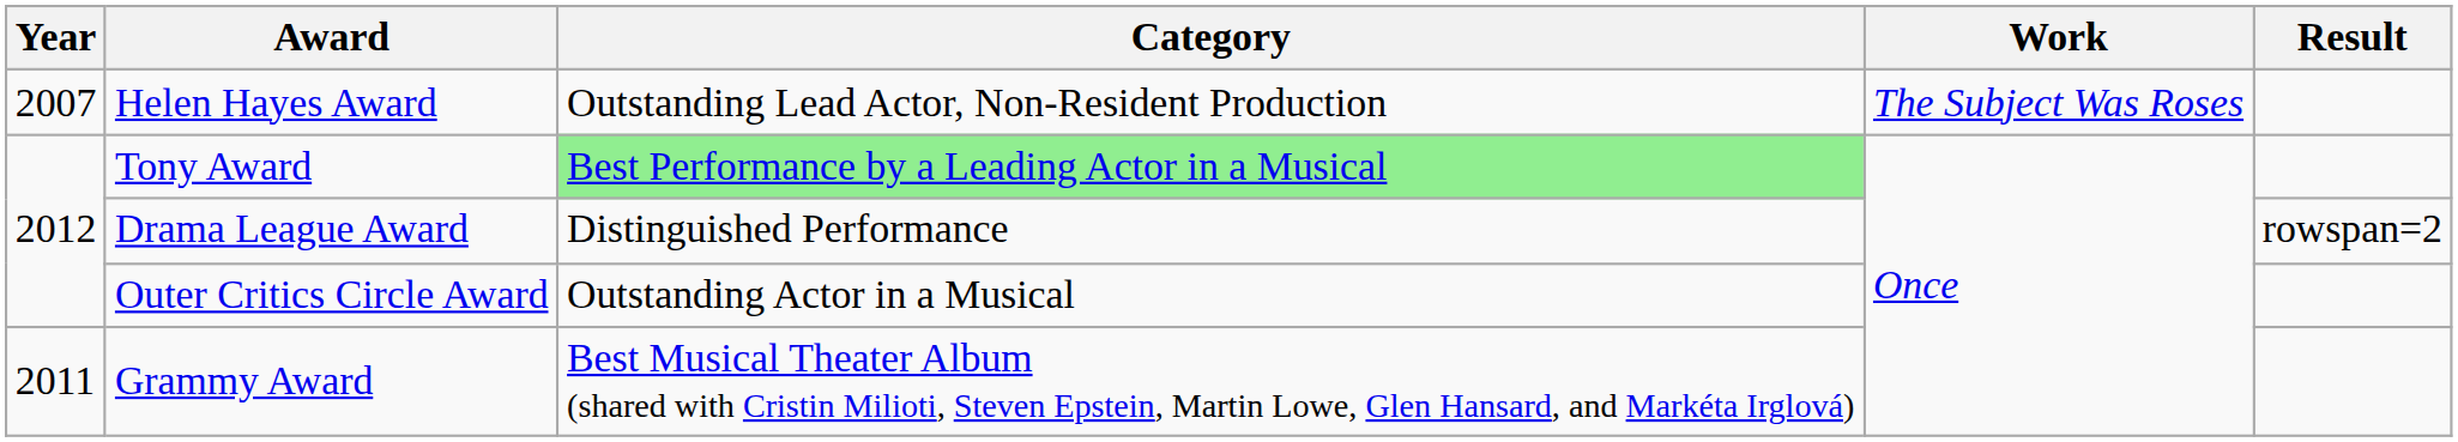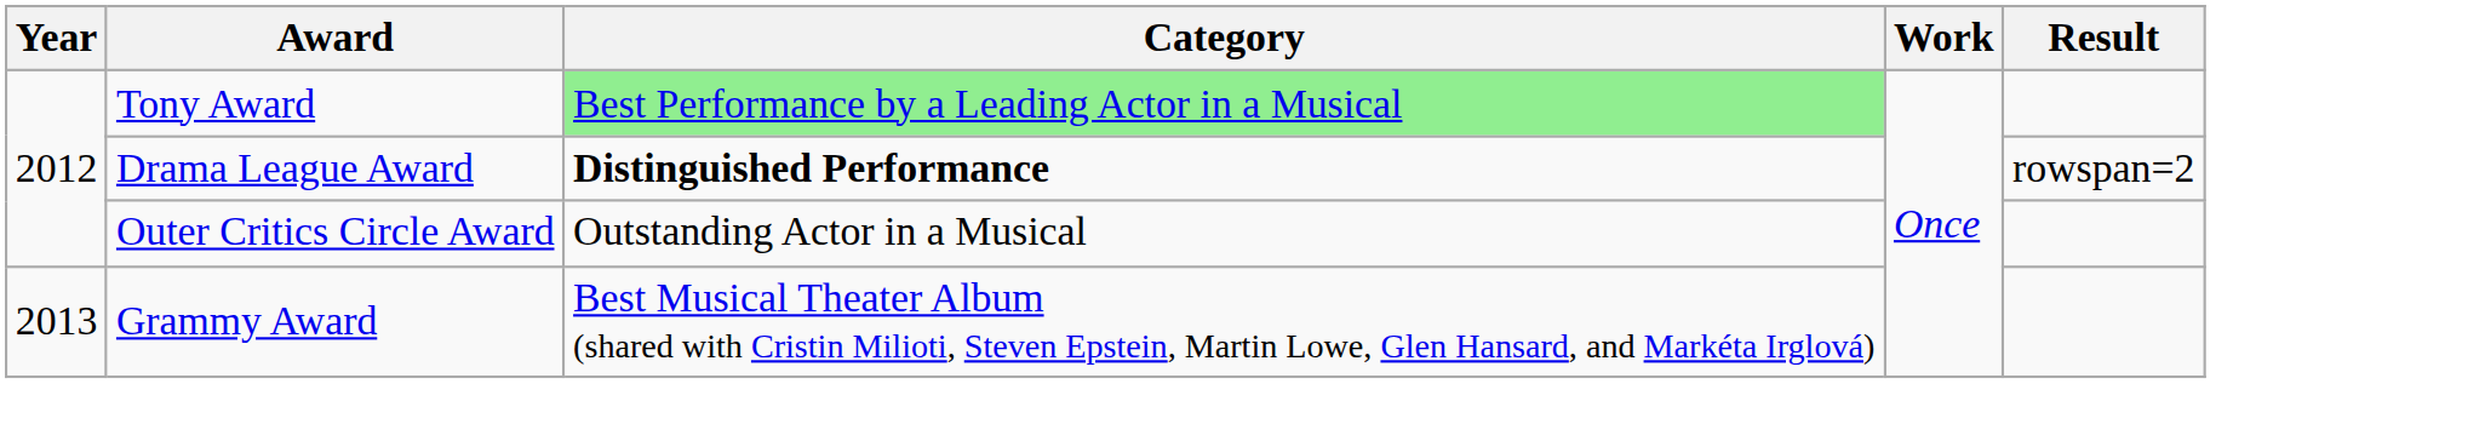 <table class="wikitable sortable">
 <tr>
 <th>Year</th>
 <th>Award</th>
 <th>Category</th>
 <th>Work</th>
 <th>Result</th>
-</tr>
-<tr>
-<td>2007</td>
-<td><a href='#'>Helen Hayes Award</a></td>
-<td>Outstanding Lead Actor, Non-Resident Production</td>
-<td><em><a href='#'>The Subject Was Roses</a></em></td>
-<td></td>
 </tr>
 <tr>
 <td rowspan=3>2012</td>
 <td><a href='#'>Tony Award</a></td>
 <td style="background: lightgreen;"><a href='#'>Best Performance by a Leading Actor in a Musical</a></td>
 <td rowspan=4><em><a href='#'>Once</a></em></td>
 <td></td>
 </tr>
 <tr>
 <td><a href='#'>Drama League Award</a></td>
-<td>Distinguished Performance</td>
+<td><strong>Distinguished Performance</strong></td>
 <td>rowspan=2 </td>
 </tr>
 <tr>
 <td><a href='#'>Outer Critics Circle Award</a></td>
 <td>Outstanding Actor in a Musical</td>
 </tr>
 <tr>
-<td>2011</td>
+<td>2013</td>
 <td><a href='#'>Grammy Award</a></td>
 <td><a href='#'>Best Musical Theater Album</a><br><small>(shared with <a href='#'>Cristin Milioti</a>, <a href='#'>Steven Epstein</a>, Martin Lowe, <a href='#'>Glen Hansard</a>, and <a href='#'>Markéta Irglová</a>)</small></td>
 <td></td>
 </tr>
 </table>
